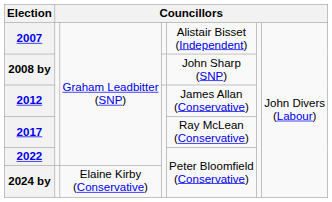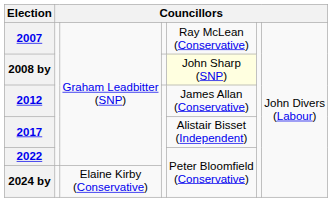 <table class="wikitable" style="text-align:center">
 <tr>
 <th>Election</th>
 <th colspan="6">Councillors</th>
 </tr>
 <tr>
 <th><a href='#'>2007</a></th>
 <td rowspan=5; style="background-color: "></td>
 <td rowspan=5><a href='#'>Graham Leadbitter</a><br>(<a href='#'>SNP</a>)</td>
 <td rowspan=1; style="background-color: "></td>
-<td rowspan=1>Alistair Bisset<br>(<a href='#'>Independent</a>)</td>
+<td rowspan=1>Ray McLean<br>(<a href='#'>Conservative</a>)</td>
 <td rowspan=6; style="background-color: "></td>
 <td rowspan="6">John Divers<br>(<a href='#'>Labour</a>)</td>
 </tr>
 <tr>
 <th>2008 by</th>
 <td rowspan=1; style="background-color: "></td>
-<td rowspan=1>John Sharp<br>(<a href='#'>SNP</a>)</td>
+<td rowspan=1 style="background: lightyellow;">John Sharp<br>(<a href='#'>SNP</a>)</td>
 </tr>
 <tr>
 <th><a href='#'>2012</a></th>
 <td rowspan=4; style="background-color: "></td>
 <td rowspan=1>James Allan<br>(<a href='#'>Conservative</a>)</td>
 </tr>
 <tr>
 <th><a href='#'>2017</a></th>
-<td rowspan=1>Ray McLean<br>(<a href='#'>Conservative</a>)</td>
+<td rowspan=1>Alistair Bisset<br>(<a href='#'>Independent</a>)</td>
 </tr>
 <tr>
 <th><a href='#'>2022</a></th>
 <td rowspan=2>Peter Bloomfield<br>(<a href='#'>Conservative</a>)</td>
 </tr>
 <tr>
 <th>2024 by</th>
 <td rowspan=1; style="background-color: "></td>
 <td rowspan=1>Elaine Kirby<br>(<a href='#'>Conservative</a>)</td>
 </tr>
 </table>
